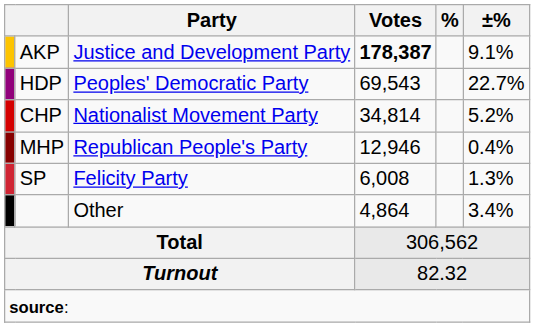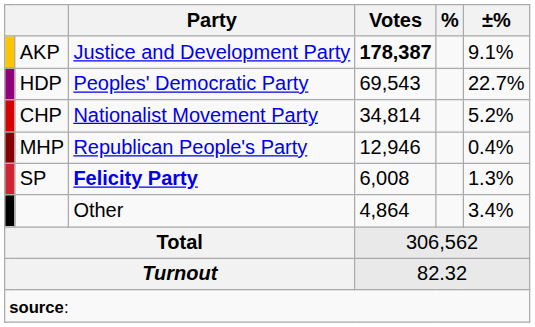 <table class="wikitable">
 <tr>
 <th colspan="2"></th>
 <th>Party</th>
 <th>Votes</th>
 <th>%</th>
 <th>±%</th>
 </tr>
 <tr align="left">
 <td bgcolor="#FDC400" width="1"></td>
 <td>AKP</td>
 <td><a href='#'>Justice and Development Party</a></td>
 <td><strong>178,387</strong></td>
 <td><strong></strong></td>
 <td> 9.1%</td>
 </tr>
 <tr align="left">
 <td bgcolor="#91007B" width="1"></td>
 <td>HDP</td>
 <td><a href='#'>Peoples' Democratic Party</a></td>
 <td>69,543</td>
 <td></td>
 <td> 22.7%</td>
 </tr>
 <tr align="left">
 <td bgcolor="#d50000" width="1"></td>
 <td>CHP</td>
 <td><a href='#'>Nationalist Movement Party</a></td>
 <td>34,814</td>
 <td></td>
 <td> 5.2%</td>
 </tr>
 <tr align="left">
 <td bgcolor="#870000" width="1"></td>
 <td>MHP</td>
 <td><a href='#'>Republican People's Party</a></td>
 <td>12,946</td>
 <td></td>
 <td> 0.4%</td>
 </tr>
 <tr align="left">
 <td bgcolor="#D02433" width="1"></td>
 <td>SP</td>
-<td><a href='#'>Felicity Party</a></td>
+<td><strong><a href='#'>Felicity Party</a></strong></td>
 <td>6,008</td>
 <td></td>
 <td> 1.3%</td>
 </tr>
 <tr align="left">
 <td bgcolor=" " width="1"></td>
 <td></td>
 <td>Other</td>
 <td>4,864</td>
 <td></td>
 <td> 3.4%</td>
 </tr>
 <tr align="left" style="background-color:#E9E9E9">
 <th colspan="3" align="center"><strong>Total</strong></th>
 <td colspan="5" align="center">306,562</td>
 </tr>
 <tr align="left" style="background-color:#E9E9E9">
 <th colspan="3" align="center"><em>Turnout</em></th>
 <td colspan="5" align="center">82.32</td>
 </tr>
 <tr>
 <td colspan="9" align="left"><small><strong>source</strong>: </small></td>
 </tr>
 </table>
